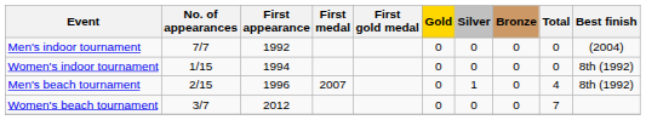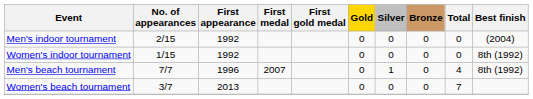 <table class="wikitable sortable" style="text-align:center">
 <tr>
 <th>Event</th>
 <th>No. of<br>appearances</th>
 <th>First<br>appearance</th>
 <th>First<br>medal</th>
 <th>First<br>gold medal</th>
 <th style="background-color:gold;">Gold</th>
 <th style="background-color:silver;">Silver</th>
 <th style="background-color:#c96;">Bronze</th>
 <th>Total</th>
 <th>Best finish</th>
 </tr>
 <tr>
 <td align=left><a href='#'>Men's indoor tournament</a></td>
-<td>7/7</td>
+<td>2/15</td>
 <td>1992</td>
 <td></td>
 <td></td>
 <td>0</td>
 <td>0</td>
 <td>0</td>
 <td>0</td>
 <td> (2004)</td>
 </tr>
 <tr>
 <td align=left><a href='#'>Women's indoor tournament</a></td>
 <td>1/15</td>
-<td>1994</td>
+<td>1992</td>
 <td></td>
 <td></td>
 <td>0</td>
 <td>0</td>
 <td>0</td>
 <td>0</td>
 <td>8th (1992)</td>
 </tr>
 <tr>
 <td align=left><a href='#'>Men's beach tournament</a></td>
-<td>2/15</td>
+<td>7/7</td>
 <td>1996</td>
 <td>2007</td>
 <td></td>
 <td>0</td>
 <td>1</td>
 <td>0</td>
 <td>4</td>
 <td>8th (1992)</td>
 </tr>
 <tr>
 <td align=left><a href='#'>Women's beach tournament</a></td>
 <td>3/7</td>
-<td>2012</td>
+<td>2013</td>
 <td></td>
 <td></td>
 <td>0</td>
 <td>0</td>
 <td>0</td>
 <td>7</td>
 <td></td>
 </tr>
 <tr>
 </tr>
 </table>
